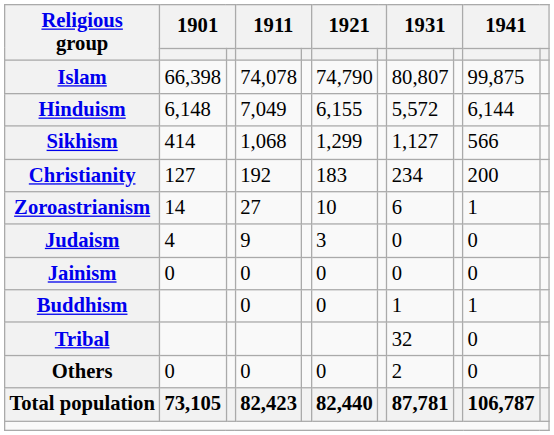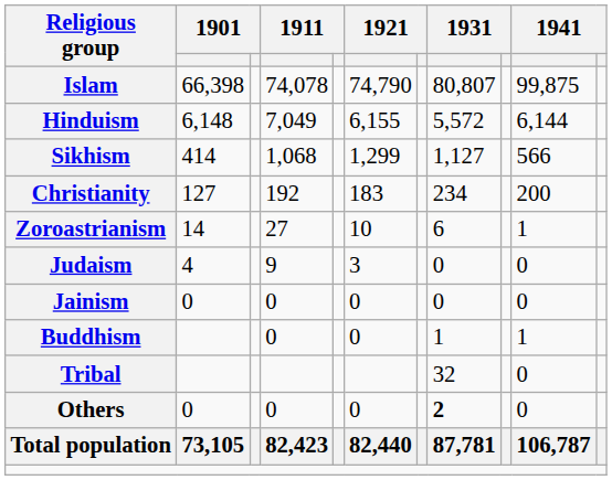 <table class="wikitable sortable">
 <tr>
 <th rowspan="2"><a href='#'>Religious</a><br>group</th>
 <th colspan="2">1901</th>
 <th colspan="2">1911</th>
 <th colspan="2">1921</th>
 <th colspan="2">1931</th>
 <th colspan="2">1941</th>
 </tr>
 <tr>
 <th><a href='#'></a></th>
 <th></th>
 <th></th>
 <th></th>
 <th></th>
 <th></th>
 <th></th>
 <th></th>
 <th></th>
 <th></th>
 </tr>
 <tr>
 <th><a href='#'>Islam</a> </th>
 <td>66,398</td>
 <td></td>
 <td>74,078</td>
 <td></td>
 <td>74,790</td>
 <td></td>
 <td>80,807</td>
 <td></td>
 <td>99,875</td>
 <td></td>
 </tr>
 <tr>
 <th><a href='#'>Hinduism</a> </th>
 <td>6,148</td>
 <td></td>
 <td>7,049</td>
 <td></td>
 <td>6,155</td>
 <td></td>
 <td>5,572</td>
 <td></td>
 <td>6,144</td>
 <td></td>
 </tr>
 <tr>
 <th><a href='#'>Sikhism</a> </th>
 <td>414</td>
 <td></td>
 <td>1,068</td>
 <td></td>
 <td>1,299</td>
 <td></td>
 <td>1,127</td>
 <td></td>
 <td>566</td>
 <td></td>
 </tr>
 <tr>
 <th><a href='#'>Christianity</a> </th>
 <td>127</td>
 <td></td>
 <td>192</td>
 <td></td>
 <td>183</td>
 <td></td>
 <td>234</td>
 <td></td>
 <td>200</td>
 <td></td>
 </tr>
 <tr>
 <th><a href='#'>Zoroastrianism</a> </th>
 <td>14</td>
 <td></td>
 <td>27</td>
 <td></td>
 <td>10</td>
 <td></td>
 <td>6</td>
 <td></td>
 <td>1</td>
 <td></td>
 </tr>
 <tr>
 <th><a href='#'>Judaism</a> </th>
 <td>4</td>
 <td></td>
 <td>9</td>
 <td></td>
 <td>3</td>
 <td></td>
 <td>0</td>
 <td></td>
 <td>0</td>
 <td></td>
 </tr>
 <tr>
 <th><a href='#'>Jainism</a> </th>
 <td>0</td>
 <td></td>
 <td>0</td>
 <td></td>
 <td>0</td>
 <td></td>
 <td>0</td>
 <td></td>
 <td>0</td>
 <td></td>
 </tr>
 <tr>
 <th><a href='#'>Buddhism</a> </th>
 <td></td>
 <td></td>
 <td>0</td>
 <td></td>
 <td>0</td>
 <td></td>
 <td>1</td>
 <td></td>
 <td>1</td>
 <td></td>
 </tr>
 <tr>
 <th><a href='#'>Tribal</a></th>
 <td></td>
 <td></td>
 <td></td>
 <td></td>
 <td></td>
 <td></td>
 <td>32</td>
 <td></td>
 <td>0</td>
 <td></td>
 </tr>
 <tr>
 <th>Others</th>
 <td>0</td>
 <td></td>
 <td>0</td>
 <td></td>
 <td>0</td>
 <td></td>
-<td>2</td>
+<td><strong>2</strong></td>
 <td></td>
 <td>0</td>
 <td></td>
 </tr>
 <tr>
 <th>Total population</th>
 <th>73,105</th>
 <th></th>
 <th>82,423</th>
 <th></th>
 <th>82,440</th>
 <th></th>
 <th>87,781</th>
 <th></th>
 <th>106,787</th>
 <th></th>
 </tr>
 <tr class="sortbottom">
 <td colspan="15"></td>
 </tr>
 </table>
